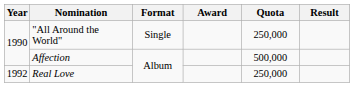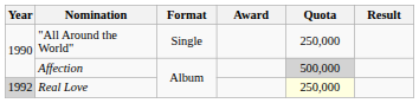 <table class="wikitable" style="text-align:center;">
 <tr>
 <th width="30">Year</th>
 <th width="150">Nomination</th>
 <th width="71">Format</th>
 <th width="82">Award</th>
 <th width="82">Quota</th>
 <th width="70">Result</th>
 </tr>
 <tr>
 <td rowspan="2">1990</td>
 <td align="left">"All Around the World"</td>
 <td>Single</td>
 <td></td>
 <td>250,000</td>
 <td></td>
 </tr>
 <tr>
 <td align="left"><em>Affection</em></td>
 <td rowspan="2">Album</td>
 <td></td>
-<td>500,000</td>
+<td style="background: lightgrey;">500,000</td>
 <td></td>
 </tr>
 <tr>
-<td>1992</td>
+<td style="background: lightgrey;">1992</td>
 <td align="left"><em>Real Love</em></td>
 <td></td>
-<td>250,000</td>
+<td style="background: lightyellow;">250,000</td>
 <td></td>
 </tr>
 </table>
